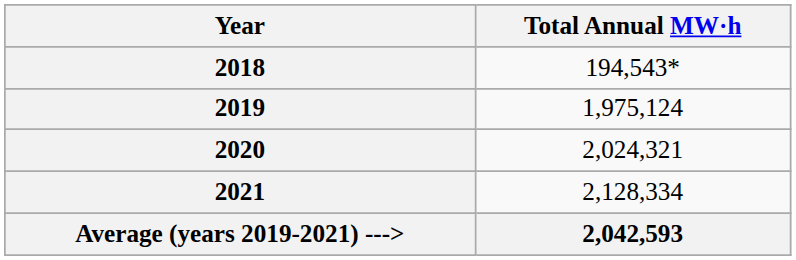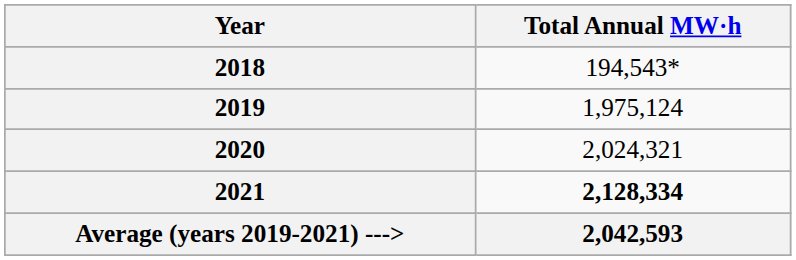 <table class=wikitable float=left style="text-align:center; font-size:0.9em; width:450px;">
 <tr>
 <th>Year</th>
 <th>Total Annual <a href='#'>MW·h</a></th>
 </tr>
 <tr>
 <th>2018</th>
 <td>194,543*</td>
 </tr>
 <tr>
 <th>2019</th>
 <td>1,975,124</td>
 </tr>
 <tr>
 <th>2020</th>
 <td>2,024,321</td>
 </tr>
 <tr>
 <th>2021</th>
-<td>2,128,334</td>
+<td><strong>2,128,334</strong></td>
 </tr>
 <tr>
 <th>Average (years 2019-2021) ---></th>
 <th>2,042,593</th>
 </tr>
 </table>
